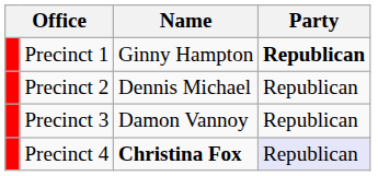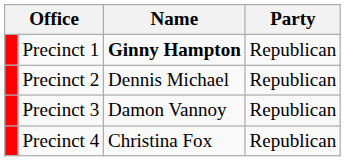 <table class="wikitable">
 <tr>
 <th colspan="2" style="text-align:center; vertical-align:bottom;">Office</th>
 <th style="text-align:center; vertical-align:bottom;">Name</th>
 <th style="text-align:center; vertical-align:bottom;">Party</th>
 </tr>
 <tr>
 <td bgcolor="red"> </td>
 <td>Precinct 1</td>
-<td>Ginny Hampton</td>
-<td><strong>Republican</strong></td>
+<td><strong>Ginny Hampton</strong></td>
+<td>Republican</td>
 </tr>
 <tr>
 <td bgcolor="red"> </td>
 <td>Precinct 2</td>
 <td>Dennis Michael</td>
 <td>Republican</td>
 </tr>
 <tr>
 <td bgcolor="red"> </td>
 <td>Precinct 3</td>
 <td>Damon Vannoy</td>
 <td>Republican</td>
 </tr>
 <tr>
 <td bgcolor="red"> </td>
 <td>Precinct 4</td>
-<td><strong>Christina Fox</strong></td>
-<td style="background: lavender;">Republican</td>
+<td>Christina Fox</td>
+<td>Republican</td>
 </tr>
 </table>
